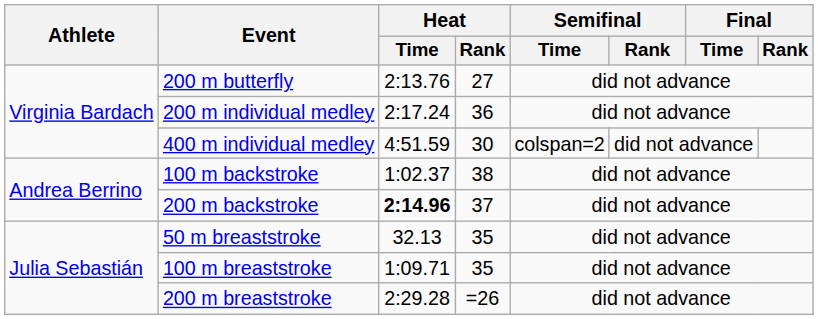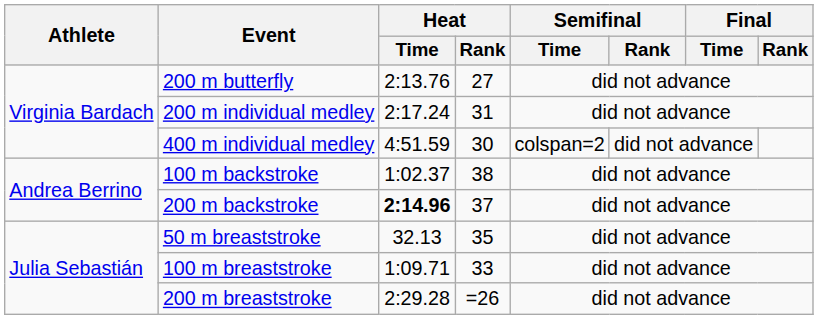 <table class=wikitable style=font-size:90%>
 <tr>
 <th rowspan=2>Athlete</th>
 <th rowspan=2>Event</th>
 <th colspan=2>Heat</th>
 <th colspan=2>Semifinal</th>
 <th colspan=2>Final</th>
 </tr>
 <tr style=font-size:95%>
 <th>Time</th>
 <th>Rank</th>
 <th>Time</th>
 <th>Rank</th>
 <th>Time</th>
 <th>Rank</th>
 </tr>
 <tr align=center>
 <td align=left rowspan=3><a href='#'>Virginia Bardach</a></td>
 <td align=left><a href='#'>200 m butterfly</a></td>
 <td>2:13.76</td>
 <td>27</td>
 <td colspan=4>did not advance</td>
 </tr>
 <tr align=center>
 <td align=left><a href='#'>200 m individual medley</a></td>
 <td>2:17.24</td>
-<td>36</td>
+<td>31</td>
 <td colspan=4>did not advance</td>
 </tr>
 <tr align=center>
 <td align=left><a href='#'>400 m individual medley</a></td>
 <td>4:51.59</td>
 <td>30</td>
 <td>colspan=2 </td>
 <td colspan=2>did not advance</td>
 </tr>
 <tr align=center>
 <td align=left rowspan=2><a href='#'>Andrea Berrino</a></td>
 <td align=left><a href='#'>100 m backstroke</a></td>
 <td>1:02.37</td>
 <td>38</td>
 <td colspan=4>did not advance</td>
 </tr>
 <tr align=center>
 <td align=left><a href='#'>200 m backstroke</a></td>
 <td><strong>2:14.96</strong></td>
 <td>37</td>
 <td colspan=4>did not advance</td>
 </tr>
 <tr align=center>
 <td align=left rowspan=3><a href='#'>Julia Sebastián</a></td>
 <td align=left><a href='#'>50 m breaststroke</a></td>
 <td>32.13</td>
 <td>35</td>
 <td colspan=4>did not advance</td>
 </tr>
 <tr align=center>
 <td align=left><a href='#'>100 m breaststroke</a></td>
 <td>1:09.71</td>
-<td>35</td>
+<td>33</td>
 <td colspan=4>did not advance</td>
 </tr>
 <tr align=center>
 <td align=left><a href='#'>200 m breaststroke</a></td>
 <td>2:29.28</td>
 <td>=26</td>
 <td colspan=4>did not advance</td>
 </tr>
 </table>
